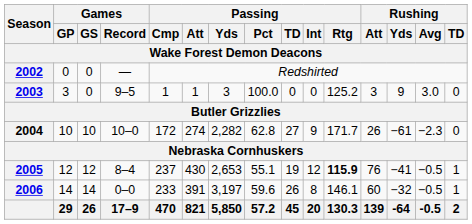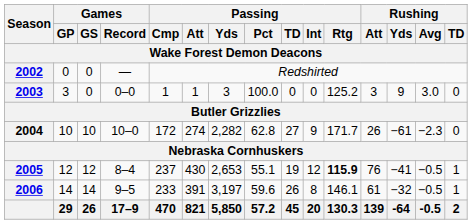 <table class=wikitable style="text-align:center;">
 <tr>
 <th rowspan="2">Season</th>
 <th colspan="3">Games</th>
 <th colspan="7">Passing</th>
 <th colspan="4">Rushing</th>
 </tr>
 <tr>
 <th>GP</th>
 <th>GS</th>
 <th>Record</th>
 <th>Cmp</th>
 <th>Att</th>
 <th>Yds</th>
 <th>Pct</th>
 <th>TD</th>
 <th>Int</th>
 <th>Rtg</th>
 <th>Att</th>
 <th>Yds</th>
 <th>Avg</th>
 <th>TD</th>
 </tr>
 <tr>
 <th colspan="15">Wake Forest Demon Deacons</th>
 </tr>
 <tr>
 <th><a href='#'>2002</a></th>
 <td>0</td>
 <td>0</td>
 <td>—</td>
 <td colspan="11"> <em>Redshirted</em></td>
 </tr>
 <tr>
 <th><a href='#'>2003</a></th>
 <td>3</td>
 <td>0</td>
-<td>9–5</td>
+<td>0–0</td>
 <td>1</td>
 <td>1</td>
 <td>3</td>
 <td>100.0</td>
 <td>0</td>
 <td>0</td>
 <td>125.2</td>
 <td>3</td>
 <td>9</td>
 <td>3.0</td>
 <td>0</td>
 </tr>
 <tr>
 <th colspan="15">Butler Grizzlies</th>
 </tr>
 <tr>
 <th>2004</th>
 <td>10</td>
 <td>10</td>
 <td>10–0</td>
 <td>172</td>
 <td>274</td>
 <td>2,282</td>
 <td>62.8</td>
 <td>27</td>
 <td>9</td>
 <td>171.7</td>
 <td>26</td>
 <td>−61</td>
 <td>−2.3</td>
 <td>0</td>
 </tr>
 <tr>
 <th colspan="15">Nebraska Cornhuskers</th>
 </tr>
 <tr>
 <th><a href='#'>2005</a></th>
 <td>12</td>
 <td>12</td>
 <td>8–4</td>
 <td>237</td>
 <td>430</td>
 <td>2,653</td>
 <td>55.1</td>
 <td>19</td>
 <td>12</td>
 <td><strong>115.9</strong></td>
 <td>76</td>
 <td>−41</td>
 <td>−0.5</td>
 <td>1</td>
 </tr>
 <tr>
 <th><a href='#'>2006</a></th>
 <td>14</td>
 <td>14</td>
-<td>0–0</td>
+<td>9–5</td>
 <td>233</td>
 <td>391</td>
 <td>3,197</td>
 <td>59.6</td>
 <td>26</td>
 <td>8</td>
 <td>146.1</td>
-<td>60</td>
+<td>61</td>
 <td>−32</td>
 <td>−0.5</td>
 <td>1</td>
 </tr>
 <tr>
 <th></th>
 <th>29</th>
 <th>26</th>
 <th>17–9</th>
 <th>470</th>
 <th>821</th>
 <th>5,850</th>
 <th>57.2</th>
 <th>45</th>
 <th>20</th>
 <th>130.3</th>
 <th>139</th>
 <th>-64</th>
 <th>-0.5</th>
 <th>2</th>
 </tr>
 </table>
